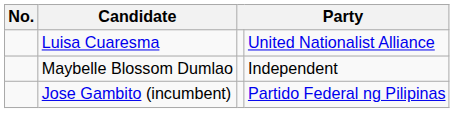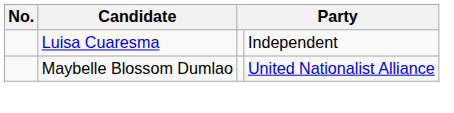 <table class="wikitable sortable" style="text-align:left;">
 <tr>
 <th>No.</th>
 <th>Candidate</th>
 <th colspan="2">Party</th>
 </tr>
 <tr>
 <td></td>
 <td><a href='#'>Luisa Cuaresma</a></td>
 <td></td>
-<td><a href='#'>United Nationalist Alliance</a></td>
+<td>Independent</td>
 </tr>
 <tr>
 <td></td>
 <td>Maybelle Blossom Dumlao</td>
 <td></td>
-<td>Independent</td>
-</tr>
-<tr>
-<td></td>
-<td><a href='#'>Jose Gambito</a> (incumbent)</td>
-<td></td>
-<td><a href='#'>Partido Federal ng Pilipinas</a></td>
+<td><a href='#'>United Nationalist Alliance</a></td>
 </tr>
 </table>
